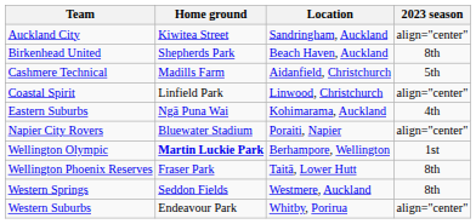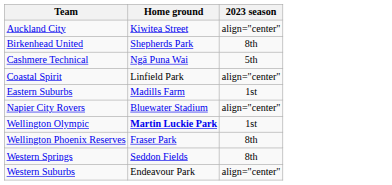 <table class="wikitable sortable">
 <tr>
 <th>Team</th>
 <th>Home ground</th>
-<th>Location</th>
 <th>2023 season</th>
 </tr>
 <tr>
 <td><a href='#'>Auckland City</a></td>
 <td><a href='#'>Kiwitea Street</a></td>
-<td><a href='#'>Sandringham</a>, <a href='#'>Auckland</a></td>
 <td>align="center" </td>
 </tr>
 <tr>
 <td><a href='#'>Birkenhead United</a></td>
 <td><a href='#'>Shepherds Park</a></td>
-<td><a href='#'>Beach Haven</a>, <a href='#'>Auckland</a></td>
 <td align="center">8th</td>
 </tr>
 <tr>
 <td><a href='#'>Cashmere Technical</a></td>
-<td><a href='#'>Madills Farm</a></td>
-<td><a href='#'>Aidanfield</a>, <a href='#'>Christchurch</a></td>
+<td><a href='#'>Ngā Puna Wai</a></td>
 <td align="center">5th</td>
 </tr>
 <tr>
 <td><a href='#'>Coastal Spirit</a></td>
 <td>Linfield Park</td>
-<td><a href='#'>Linwood</a>, <a href='#'>Christchurch</a></td>
 <td>align="center" </td>
 </tr>
 <tr>
 <td><a href='#'>Eastern Suburbs</a></td>
-<td><a href='#'>Ngā Puna Wai</a></td>
-<td><a href='#'>Kohimarama</a>, <a href='#'>Auckland</a></td>
-<td align="center">4th</td>
+<td><a href='#'>Madills Farm</a></td>
+<td align="center">1st</td>
 </tr>
 <tr>
 <td><a href='#'>Napier City Rovers</a></td>
 <td><a href='#'>Bluewater Stadium</a></td>
-<td><a href='#'>Poraiti</a>, <a href='#'>Napier</a></td>
 <td>align="center" </td>
 </tr>
 <tr>
 <td><a href='#'>Wellington Olympic</a></td>
 <td><strong><a href='#'>Martin Luckie Park</a></strong></td>
-<td><a href='#'>Berhampore</a>, <a href='#'>Wellington</a></td>
 <td align="center">1st</td>
 </tr>
 <tr>
 <td><a href='#'>Wellington Phoenix Reserves</a></td>
 <td><a href='#'>Fraser Park</a></td>
-<td><a href='#'>Taitā</a>, <a href='#'>Lower Hutt</a></td>
 <td align="center">8th</td>
 </tr>
 <tr>
 <td><a href='#'>Western Springs</a></td>
 <td><a href='#'>Seddon Fields</a></td>
-<td><a href='#'>Westmere</a>, <a href='#'>Auckland</a></td>
 <td align="center">8th</td>
 </tr>
 <tr>
 <td><a href='#'>Western Suburbs</a></td>
 <td>Endeavour Park</td>
-<td><a href='#'>Whitby</a>, <a href='#'>Porirua</a></td>
 <td>align="center" </td>
 </tr>
 </table>
